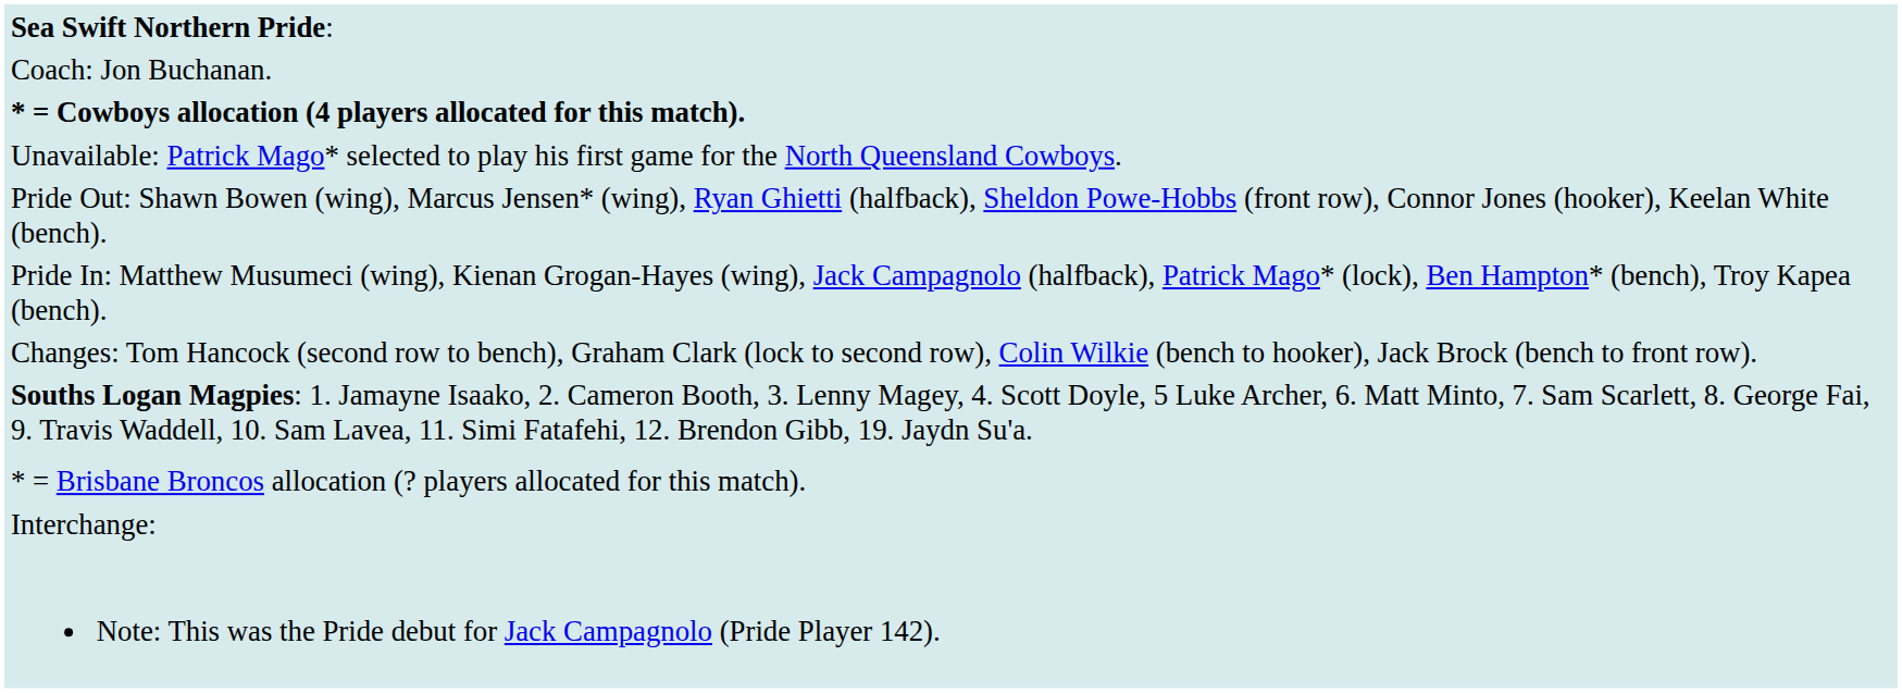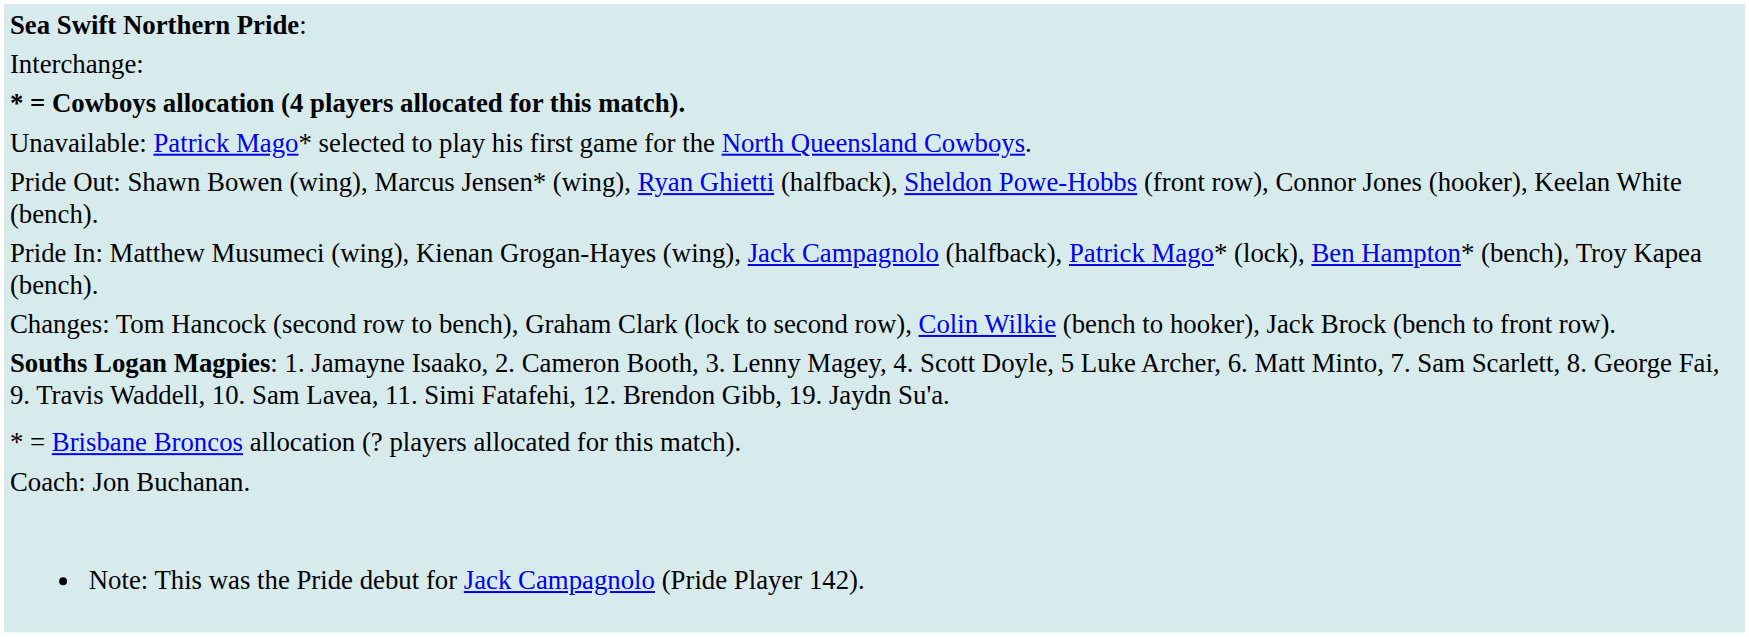 <table style="background:#d7ebed; font-size:85%; width:100%;">
 <tr>
 <td><strong>Sea Swift Northern Pride</strong>:             </td>
 </tr>
 <tr>
-<td>Coach: Jon Buchanan.</td>
+<td>Interchange:    </td>
 </tr>
 <tr>
 <td><strong>* = Cowboys allocation (4 players allocated for this match).</strong></td>
 </tr>
 <tr>
 <td>Unavailable: <a href='#'>Patrick Mago</a>* selected to play his first game for the <a href='#'>North Queensland Cowboys</a>.</td>
 </tr>
 <tr>
 <td>Pride Out: Shawn Bowen (wing), Marcus Jensen* (wing), <a href='#'>Ryan Ghietti</a> (halfback), <a href='#'>Sheldon Powe-Hobbs</a> (front row), Connor Jones (hooker), Keelan White (bench).</td>
 </tr>
 <tr>
 <td>Pride In: Matthew Musumeci (wing), Kienan Grogan-Hayes (wing), <a href='#'>Jack Campagnolo</a> (halfback), <a href='#'>Patrick Mago</a>* (lock), <a href='#'>Ben Hampton</a>* (bench), Troy Kapea (bench).</td>
 </tr>
 <tr>
 <td>Changes: Tom Hancock (second row to bench), Graham Clark (lock to second row), <a href='#'>Colin Wilkie</a> (bench to hooker), Jack Brock (bench to front row).</td>
 </tr>
 <tr>
 <td><strong>Souths Logan Magpies</strong>: 1. Jamayne Isaako, 2. Cameron Booth, 3. Lenny Magey, 4. Scott Doyle, 5 Luke Archer, 6. Matt Minto, 7. Sam Scarlett,     8. George Fai, 9. Travis Waddell, 10. Sam Lavea, 11. Simi Fatafehi, 12. Brendon Gibb, 19. Jaydn Su'a.</td>
 </tr>
 <tr>
 </tr>
 <tr Interchange: 13. Phil Dennis (c), 14. Jordan Scott, 16. Aj Tuimavave, 18. Jack Anderson.>
 </tr>
 <tr>
 <td>* = <a href='#'>Brisbane Broncos</a> allocation (? players allocated for this match).</td>
 </tr>
 <tr>
-<td>Interchange:    </td>
+<td>Coach: Jon Buchanan.</td>
 </tr>
 <tr>
 <td><br><ul><li>Note: This was the Pride debut for <a href='#'>Jack Campagnolo</a> (Pride Player 142).</li></ul></td>
 </tr>
 <tr>
 </tr>
 </table>
